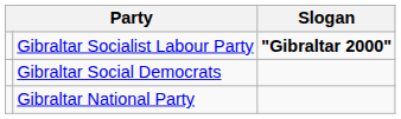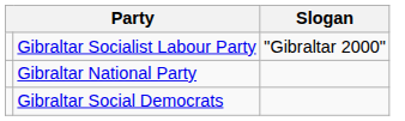 <table class=wikitable>
 <tr>
 <th colspan=2>Party</th>
 <th>Slogan</th>
 </tr>
 <tr>
 <td></td>
 <td><a href='#'>Gibraltar Socialist Labour Party</a></td>
-<td><strong>"Gibraltar 2000"</strong></td>
+<td>"Gibraltar 2000"</td>
+</tr>
+<tr>
+<td></td>
+<td><a href='#'>Gibraltar National Party</a></td>
+<td></td>
 </tr>
 <tr>
 <td></td>
 <td><a href='#'>Gibraltar Social Democrats</a></td>
 <td></td>
 </tr>
-<tr>
-<td></td>
-<td><a href='#'>Gibraltar National Party</a></td>
-<td></td>
-</tr>
 </table>
